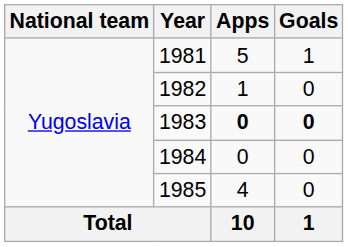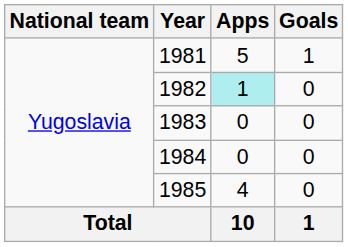 <table class="wikitable" style="text-align: center">
 <tr>
 <th>National team</th>
 <th>Year</th>
 <th>Apps</th>
 <th>Goals</th>
 </tr>
 <tr>
 <td rowspan="5"><a href='#'>Yugoslavia</a></td>
 <td>1981</td>
 <td>5</td>
 <td>1</td>
 </tr>
 <tr>
 <td>1982</td>
-<td>1</td>
+<td style="background: paleturquoise;">1</td>
 <td>0</td>
 </tr>
 <tr>
 <td>1983</td>
-<td><strong>0</strong></td>
-<td><strong>0</strong></td>
+<td>0</td>
+<td>0</td>
 </tr>
 <tr>
 <td>1984</td>
 <td>0</td>
 <td>0</td>
 </tr>
 <tr>
 <td>1985</td>
 <td>4</td>
 <td>0</td>
 </tr>
 <tr>
 <th colspan=2>Total</th>
 <th>10</th>
 <th>1</th>
 </tr>
 </table>
